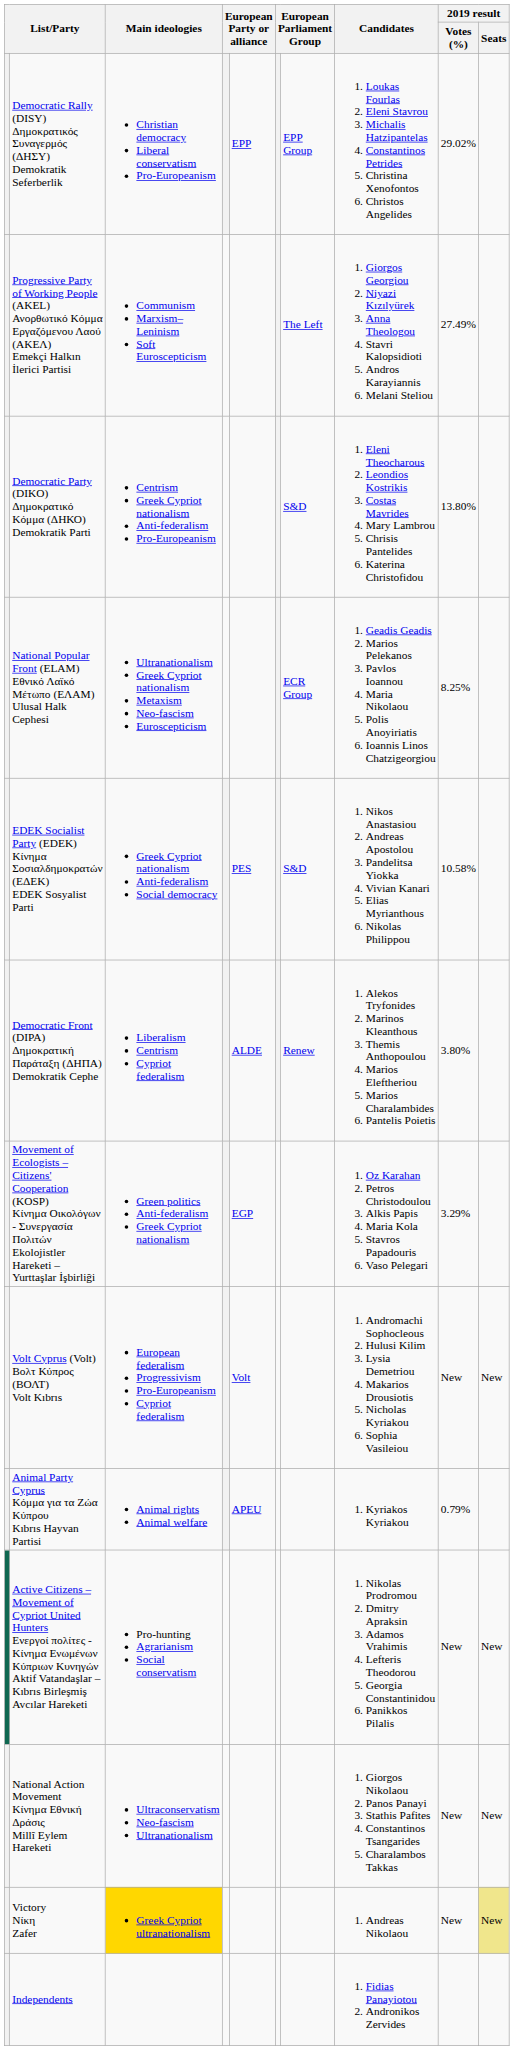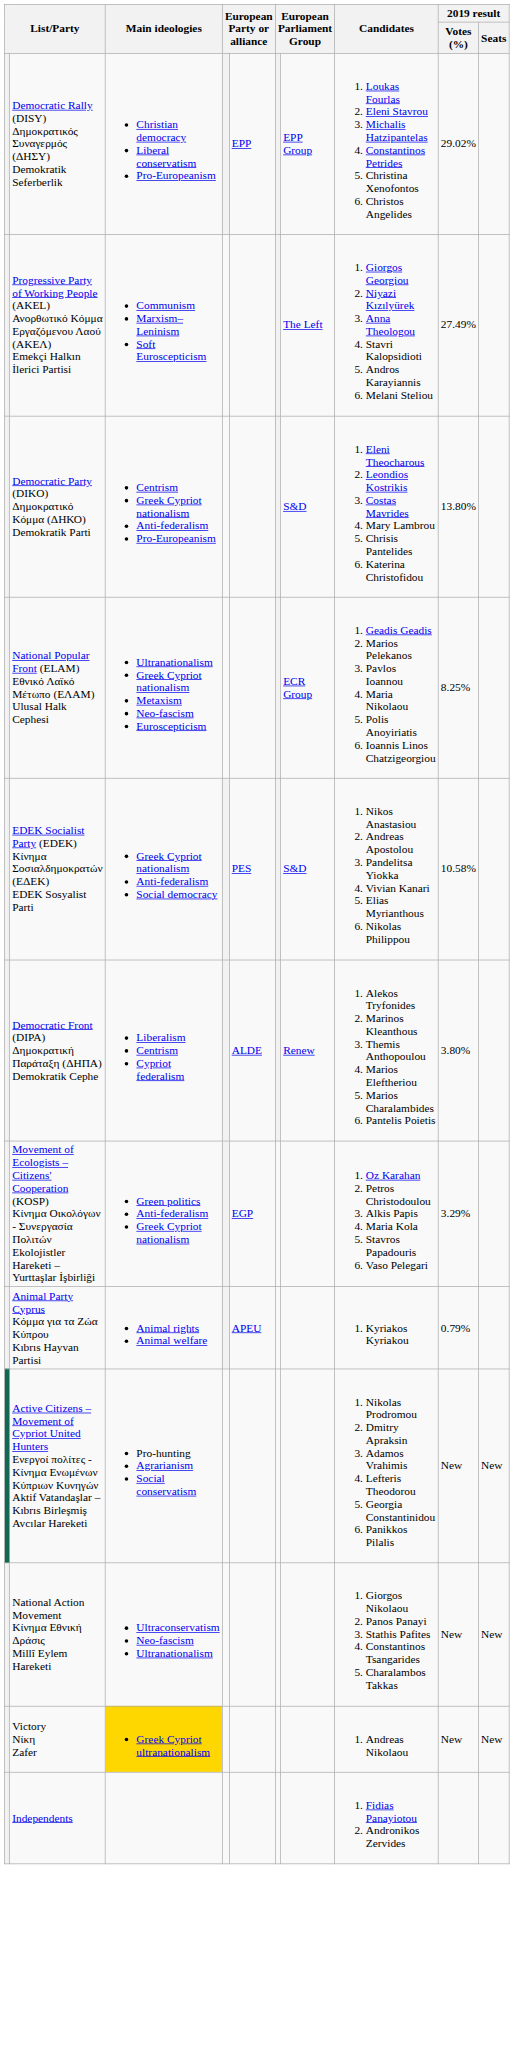 <table class="wikitable">
 <tr>
 <th colspan="2" rowspan="2">List/Party</th>
 <th rowspan="2">Main ideologies</th>
 <th colspan="2" rowspan="2">European Party or alliance</th>
 <th colspan="2" rowspan="2">European Parliament Group</th>
 <th rowspan="2">Candidates</th>
 <th colspan="2">2019 result</th>
 </tr>
 <tr>
 <th>Votes (%)</th>
 <th>Seats</th>
 </tr>
 <tr>
 <th width="4px" style="background-color: "></th>
 <td><a href='#'>Democratic Rally</a> (DISY)<br>Δημοκρατικός Συναγερμός (ΔΗΣΥ)<br>Demokratik Seferberlik</td>
 <td><br><ul><li><a href='#'>Christian democracy</a></li><li><a href='#'>Liberal conservatism</a></li><li><a href='#'>Pro-Europeanism</a></li></ul></td>
 <th style="background-color: "></th>
 <td><a href='#'>EPP</a></td>
 <th style="background-color: "></th>
 <td><a href='#'>EPP Group</a></td>
 <td><br><ol><li><a href='#'>Loukas Fourlas</a></li><li><a href='#'>Eleni Stavrou</a></li><li><a href='#'>Michalis Hatzipantelas</a></li><li><a href='#'>Constantinos Petrides</a></li><li>Christina Xenofontos</li><li>Christos Angelides</li></ol></td>
 <td>29.02%</td>
 <td></td>
 </tr>
 <tr>
 <th style="background-color: "></th>
 <td><a href='#'>Progressive Party of Working People</a> (AKEL)<br>Ανορθωτικό Κόμμα Εργαζόμενου Λαού (ΑΚΕΛ)<br>Emekçi Halkın İlerici Partisi</td>
 <td><br><ul><li><a href='#'>Communism</a></li><li><a href='#'>Marxism–Leninism</a></li><li><a href='#'>Soft Euroscepticism</a></li></ul></td>
 <td></td>
 <td></td>
 <th style="background-color: "></th>
 <td><a href='#'>The Left</a></td>
 <td><br><ol><li><a href='#'>Giorgos Georgiou</a></li><li><a href='#'>Niyazi Kızılyürek</a></li><li><a href='#'>Anna Theologou</a></li><li>Stavri Kalopsidioti</li><li>Andros Karayiannis</li><li>Melani Steliou</li></ol></td>
 <td>27.49%</td>
 <td></td>
 </tr>
 <tr>
 <th style="background-color: "></th>
 <td><a href='#'>Democratic Party</a> (DIKO)<br>Δημοκρατικό Κόμμα (ΔΗΚΟ)<br>Demokratik Parti</td>
 <td><br><ul><li><a href='#'>Centrism</a></li><li><a href='#'>Greek Cypriot nationalism</a></li><li><a href='#'>Anti-federalism</a></li><li><a href='#'>Pro-Europeanism</a></li></ul></td>
 <td></td>
 <td></td>
 <th style="background-color: "></th>
 <td><a href='#'>S&D</a></td>
 <td><br><ol><li><a href='#'>Eleni Theocharous</a></li><li><a href='#'>Leondios Kostrikis</a></li><li><a href='#'>Costas Mavrides</a></li><li>Mary Lambrou</li><li>Chrisis Pantelides</li><li>Katerina Christofidou</li></ol></td>
 <td>13.80%</td>
 <td></td>
 </tr>
 <tr>
 <th style="background-color: "></th>
 <td><a href='#'>National Popular Front</a> (ELAM)<br>Εθνικό Λαϊκό Μέτωπο (ΕΛΑΜ)<br>Ulusal Halk Cephesi</td>
 <td><br><ul><li><a href='#'>Ultranationalism</a></li><li><a href='#'>Greek Cypriot nationalism</a></li><li><a href='#'>Metaxism</a></li><li><a href='#'>Neo-fascism</a></li><li><a href='#'>Euroscepticism</a></li></ul></td>
 <td></td>
 <td></td>
 <th style="background-color: "></th>
 <td><a href='#'>ECR Group</a></td>
 <td><br><ol><li><a href='#'>Geadis Geadis</a></li><li>Marios Pelekanos</li><li>Pavlos Ioannou</li><li>Maria Nikolaou</li><li>Polis Anoyiriatis</li><li>Ioannis Linos Chatzigeorgiou</li></ol></td>
 <td>8.25%</td>
 <td></td>
 </tr>
 <tr>
 <th style="background-color: "></th>
 <td><a href='#'>EDEK Socialist Party</a> (EDEK)<br>Κίνημα Σοσιαλδημοκρατών (ΕΔΕΚ)<br>EDEK Sosyalist Parti</td>
 <td><br><ul><li><a href='#'>Greek Cypriot nationalism</a></li><li><a href='#'>Anti-federalism</a></li><li><a href='#'>Social democracy</a></li></ul></td>
 <th style="background-color: "></th>
 <td><a href='#'>PES</a></td>
 <th style="background-color: "></th>
 <td><a href='#'>S&D</a></td>
 <td><br><ol><li>Nikos Anastasiou</li><li>Andreas Apostolou</li><li>Pandelitsa Yiokka</li><li>Vivian Kanari</li><li>Elias Myrianthous</li><li>Nikolas Philippou</li></ol></td>
 <td>10.58%</td>
 <td></td>
 </tr>
 <tr>
 <th style="background-color: "></th>
 <td><a href='#'>Democratic Front</a> (DIPA)<br>Δημοκρατική Παράταξη (ΔΗΠΑ)<br>Demokratik Cephe</td>
 <td><br><ul><li><a href='#'>Liberalism</a></li><li><a href='#'>Centrism</a></li><li><a href='#'>Cypriot federalism</a></li></ul></td>
 <th style="background-color: "></th>
 <td><a href='#'>ALDE</a></td>
 <th style="background-color: "></th>
 <td><a href='#'>Renew</a></td>
 <td><br><ol><li>Alekos Tryfonides</li><li>Marinos Kleanthous</li><li>Themis Anthopoulou</li><li>Marios Eleftheriou</li><li>Marios Charalambides</li><li>Pantelis Poietis</li></ol></td>
 <td>3.80%</td>
 <td></td>
 </tr>
 <tr>
 <th style="background-color: "></th>
 <td><a href='#'>Movement of Ecologists – Citizens' Cooperation</a> (KOSP)<br>Κίνημα Οικολόγων - Συνεργασία Πολιτών<br>Ekolojistler Hareketi – Yurttaşlar İşbirliği</td>
 <td><br><ul><li><a href='#'>Green politics</a></li><li><a href='#'>Anti-federalism</a></li><li><a href='#'>Greek Cypriot nationalism</a></li></ul></td>
 <th style="background-color: "></th>
 <td><a href='#'>EGP</a></td>
 <td></td>
 <td></td>
 <td><br><ol><li><a href='#'>Oz Karahan</a></li><li>Petros Christodoulou</li><li>Alkis Papis</li><li>Maria Kola</li><li>Stavros Papadouris</li><li>Vaso Pelegari</li></ol></td>
 <td>3.29%</td>
 <td></td>
 </tr>
 <tr>
 <th style="background-color: "></th>
-<td><a href='#'>Volt Cyprus</a> (Volt)<br>Βολτ Κύπρος (ΒΟΛΤ)<br>Volt Kıbrıs</td>
-<td><br><ul><li><a href='#'>European federalism</a></li><li><a href='#'>Progressivism</a></li><li><a href='#'>Pro-Europeanism</a></li><li><a href='#'>Cypriot federalism</a></li></ul></td>
-<th style="background-color: "></th>
-<td><a href='#'>Volt</a></td>
-<td></td>
-<td></td>
-<td><br><ol><li>Andromachi Sophocleous</li><li>Hulusi Kilim</li><li>Lysia Demetriou</li><li>Makarios Drousiotis</li><li>Nicholas Kyriakou</li><li>Sophia Vasileiou</li></ol></td>
-<td>New</td>
-<td>New</td>
-</tr>
-<tr>
-<th style="background-color: "></th>
 <td><a href='#'>Animal Party Cyprus</a><br>Κόμμα για τα Ζώα Κύπρου<br>Kıbrıs Hayvan Partisi</td>
 <td><br><ul><li><a href='#'>Animal rights</a></li><li><a href='#'>Animal welfare</a></li></ul></td>
 <th style="background-color: "></th>
 <td><a href='#'>APEU</a></td>
 <td></td>
 <td></td>
 <td><br><ol><li>Kyriakos Kyriakou</li></ol></td>
 <td>0.79%</td>
 <td></td>
 </tr>
 <tr>
 <th style="background-color: #0f6851"></th>
 <td><a href='#'>Active Citizens – Movement of Cypriot United Hunters</a><br>Ενεργοί πολίτες - Κίνημα Ενωμένων Κύπριων Κυνηγών<br>Aktif Vatandaşlar – Kıbrıs Birleşmiş Avcılar Hareketi</td>
 <td><br><ul><li>Pro-hunting</li><li><a href='#'>Agrarianism</a></li><li><a href='#'>Social conservatism</a></li></ul></td>
 <td></td>
 <td></td>
 <td></td>
 <td></td>
 <td><br><ol><li>Nikolas Prodromou</li><li>Dmitry Apraksin</li><li>Adamos Vrahimis</li><li>Lefteris Theodorou</li><li>Georgia Constantinidou</li><li>Panikkos Pilalis</li></ol></td>
 <td>New</td>
 <td>New</td>
 </tr>
 <tr>
 <th style="background:"></th>
 <td>National Action Movement<br>Κίνημα Εθνική Δράσις<br>Millî Eylem Hareketi</td>
 <td><br><ul><li><a href='#'>Ultraconservatism</a></li><li><a href='#'>Neo-fascism</a></li><li><a href='#'>Ultranationalism</a></li></ul></td>
 <td></td>
 <td></td>
 <td></td>
 <td></td>
 <td><br><ol><li>Giorgos Nikolaou</li><li>Panos Panayi</li><li>Stathis Pafites</li><li>Constantinos Tsangarides</li><li>Charalambos Takkas</li></ol></td>
 <td>New</td>
 <td>New</td>
 </tr>
 <tr>
 <th style="background:"></th>
 <td>Victory<br>Νίκη<br>Zafer</td>
 <td style="background: gold;"><br><ul><li><a href='#'>Greek Cypriot ultranationalism</a></li></ul></td>
 <td></td>
 <td></td>
 <td></td>
 <td></td>
 <td><br><ol><li>Andreas Nikolaou</li></ol></td>
 <td>New</td>
-<td style="background: khaki;">New</td>
+<td>New</td>
 </tr>
 <tr>
 <th style="background:"></th>
 <td><a href='#'>Independents</a></td>
 <td></td>
 <td></td>
 <td></td>
 <td></td>
 <td></td>
 <td><br><ol><li><a href='#'>Fidias Panayiotou</a></li><li>Andronikos Zervides</li></ol></td>
 <td></td>
 <td></td>
 </tr>
 </table>
